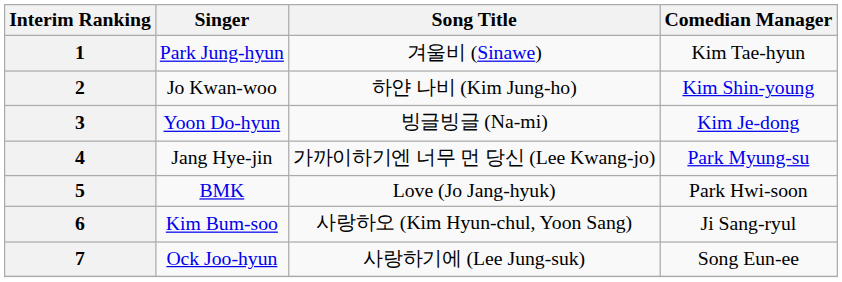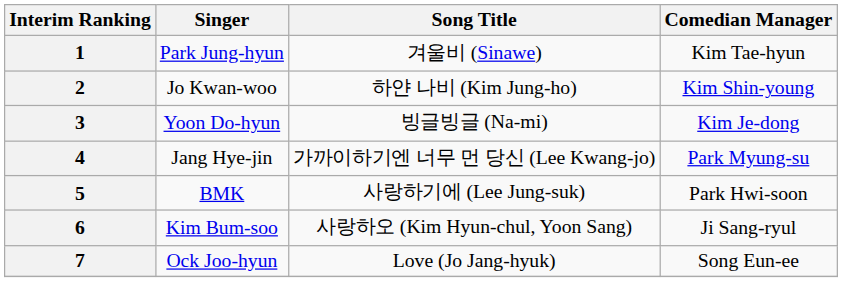 <table class="wikitable">
 <tr>
 <th>Interim Ranking</th>
 <th>Singer</th>
 <th>Song Title</th>
 <th>Comedian Manager</th>
 </tr>
 <tr align="center">
 <th>1</th>
 <td><a href='#'>Park Jung-hyun</a></td>
 <td>겨울비 (<a href='#'>Sinawe</a>)</td>
 <td>Kim Tae-hyun</td>
 </tr>
 <tr align="center">
 <th>2</th>
 <td>Jo Kwan-woo</td>
 <td>하얀 나비 (Kim Jung-ho)</td>
 <td><a href='#'>Kim Shin-young</a></td>
 </tr>
 <tr align="center">
 <th>3</th>
 <td><a href='#'>Yoon Do-hyun</a></td>
 <td>빙글빙글 (Na-mi)</td>
 <td><a href='#'>Kim Je-dong</a></td>
 </tr>
 <tr align="center">
 <th>4</th>
 <td>Jang Hye-jin</td>
 <td>가까이하기엔 너무 먼 당신 (Lee Kwang-jo)</td>
 <td><a href='#'>Park Myung-su</a></td>
 </tr>
 <tr align="center">
 <th>5</th>
 <td><a href='#'>BMK</a></td>
-<td>Love (Jo Jang-hyuk)</td>
+<td>사랑하기에 (Lee Jung-suk)</td>
 <td>Park Hwi-soon</td>
 </tr>
 <tr align="center">
 <th>6</th>
 <td><a href='#'>Kim Bum-soo</a></td>
 <td>사랑하오 (Kim Hyun-chul, Yoon Sang)</td>
 <td>Ji Sang-ryul</td>
 </tr>
 <tr align="center">
 <th>7</th>
 <td><a href='#'>Ock Joo-hyun</a></td>
-<td>사랑하기에 (Lee Jung-suk)</td>
+<td>Love (Jo Jang-hyuk)</td>
 <td>Song Eun-ee</td>
 </tr>
 <tr>
 </tr>
 </table>
